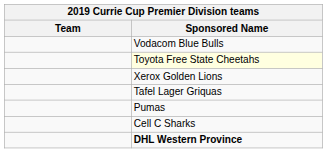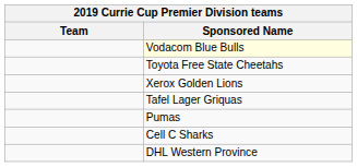 <table class="wikitable collapsible sortable" style="text-align:left; font-size:100%; width:40%;">
 <tr>
 <th colspan="100%" align=center>2019 Currie Cup Premier Division teams</th>
 </tr>
 <tr>
 <th width="40%">Team</th>
 <th width="60%">Sponsored Name</th>
 </tr>
 <tr>
 <td></td>
-<td>Vodacom Blue Bulls</td>
+<td style="background: lightyellow;">Vodacom Blue Bulls</td>
 </tr>
 <tr>
 <td></td>
-<td style="background: lightyellow;">Toyota Free State Cheetahs</td>
+<td>Toyota Free State Cheetahs</td>
 </tr>
 <tr>
 <td></td>
 <td>Xerox Golden Lions</td>
 </tr>
 <tr>
 <td></td>
 <td>Tafel Lager Griquas</td>
 </tr>
 <tr>
 <td></td>
 <td>Pumas</td>
 </tr>
 <tr>
 <td></td>
 <td>Cell C Sharks</td>
 </tr>
 <tr>
 <td></td>
-<td><strong>DHL Western Province</strong></td>
+<td>DHL Western Province</td>
 </tr>
 </table>
